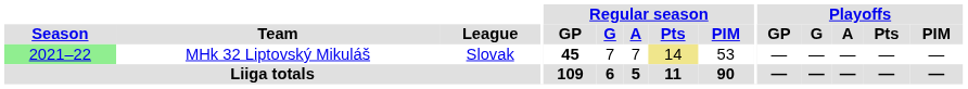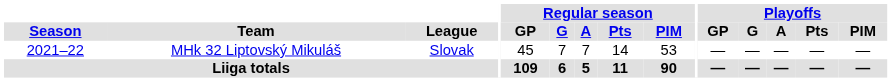 <table border="0" cellpadding="1" cellspacing="0" style="text-align:center; width:60em">
 <tr bgcolor="#e0e0e0">
 <th colspan="3" bgcolor="#ffffff"></th>
 <th rowspan="99" bgcolor="#ffffff"></th>
 <th colspan="5"><a href='#'>Regular season</a></th>
 <th rowspan="99" bgcolor="#ffffff"></th>
 <th colspan="5"><a href='#'>Playoffs</a></th>
 </tr>
 <tr bgcolor="#e0e0e0">
 <th><a href='#'>Season</a></th>
 <th>Team</th>
 <th>League</th>
 <th>GP</th>
 <th><a href='#'>G</a></th>
 <th><a href='#'>A</a></th>
 <th><a href='#'>Pts</a></th>
 <th><a href='#'>PIM</a></th>
 <th>GP</th>
 <th>G</th>
 <th>A</th>
 <th>Pts</th>
 <th>PIM</th>
 </tr>
 <tr>
-<td style="background: lightgreen;"><a href='#'>2021–22</a></td>
+<td><a href='#'>2021–22</a></td>
 <td><a href='#'>MHk 32 Liptovský Mikuláš</a></td>
 <td><a href='#'>Slovak</a></td>
-<td><strong>45</strong></td>
+<td>45</td>
 <td>7</td>
 <td>7</td>
-<td style="background: khaki;">14</td>
+<td>14</td>
 <td>53</td>
 <td>—</td>
 <td>—</td>
 <td>—</td>
 <td>—</td>
 <td>—</td>
 </tr>
 <tr bgcolor="#e0e0e0">
 <th colspan="3">Liiga totals</th>
 <th>109</th>
 <th>6</th>
 <th>5</th>
 <th>11</th>
 <th>90</th>
 <th>—</th>
 <th>—</th>
 <th>—</th>
 <th>—</th>
 <th>—</th>
 </tr>
 </table>
